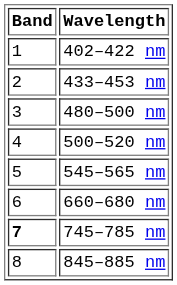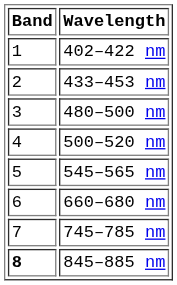 <table border="1" cellpadding="2">
 <tr>
 <th>Band</th>
 <th>Wavelength</th>
 </tr>
 <tr>
 <td>1</td>
 <td>402–422 <a href='#'>nm</a></td>
 </tr>
 <tr>
 <td>2</td>
 <td>433–453 <a href='#'>nm</a></td>
 </tr>
 <tr>
 <td>3</td>
 <td>480–500 <a href='#'>nm</a></td>
 </tr>
 <tr>
 <td>4</td>
 <td>500–520 <a href='#'>nm</a></td>
 </tr>
 <tr>
 <td>5</td>
 <td>545–565 <a href='#'>nm</a></td>
 </tr>
 <tr>
 <td>6</td>
 <td>660–680 <a href='#'>nm</a></td>
 </tr>
 <tr>
-<td><strong>7</strong></td>
+<td>7</td>
 <td>745–785 <a href='#'>nm</a></td>
 </tr>
 <tr>
-<td>8</td>
+<td><strong>8</strong></td>
 <td>845–885 <a href='#'>nm</a></td>
 </tr>
 </table>
